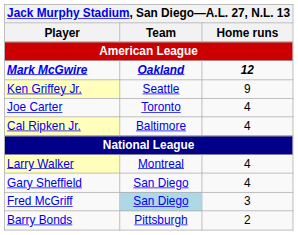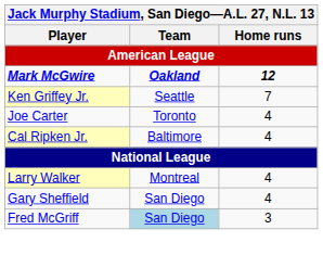 <table class="wikitable" style="text-align:right;">
 <tr>
 <th colspan="3"><a href='#'>Jack Murphy Stadium</a>, San Diego—A.L. 27, N.L. 13</th>
 </tr>
 <tr>
 <th>Player</th>
 <th>Team</th>
 <th>Home runs</th>
 </tr>
 <tr>
 <th colspan="3" style="text-align:center; background:#CC0001; color:#FFFFFF;">American League</th>
 </tr>
 <tr>
 <td align="left"><strong><em><a href='#'>Mark McGwire</a></em></strong></td>
 <td style="text-align:center;"><strong><em><a href='#'>Oakland</a></em></strong></td>
 <td style="text-align:center;"><strong><em>12</em></strong></td>
 </tr>
 <tr>
 <td align="left" style="background:#ffb"><a href='#'>Ken Griffey Jr.</a></td>
 <td style="text-align:center;"><a href='#'>Seattle</a></td>
-<td style="text-align:center;">9</td>
+<td style="text-align:center;">7</td>
 </tr>
 <tr>
 <td align="left"><a href='#'>Joe Carter</a></td>
 <td style="text-align:center;"><a href='#'>Toronto</a></td>
 <td style="text-align:center;">4</td>
 </tr>
 <tr>
 <td align="left" style="background:#ffb"><a href='#'>Cal Ripken Jr.</a></td>
 <td style="text-align:center;"><a href='#'>Baltimore</a></td>
 <td style="text-align:center;">4</td>
 </tr>
 <tr>
 <th colspan="3" style="text-align:center; background:#020088; color:#FFFFFF;">National League</th>
 </tr>
 <tr>
 <td align="left" style="background:#ffb"><a href='#'>Larry Walker</a></td>
 <td style="text-align:center;"><a href='#'>Montreal</a></td>
 <td style="text-align:center;">4</td>
 </tr>
 <tr>
 <td align="left"><a href='#'>Gary Sheffield</a></td>
 <td style="text-align:center;"><a href='#'>San Diego</a></td>
 <td style="text-align:center;">4</td>
 </tr>
 <tr>
 <td align="left"><a href='#'>Fred McGriff</a></td>
 <td style="background: lightblue; text-align:center;"><a href='#'>San Diego</a></td>
 <td style="text-align:center;">3</td>
 </tr>
-<tr>
-<td align="left"><a href='#'>Barry Bonds</a></td>
-<td style="text-align:center;"><a href='#'>Pittsburgh</a></td>
-<td style="text-align:center;">2</td>
-</tr>
 </table>
